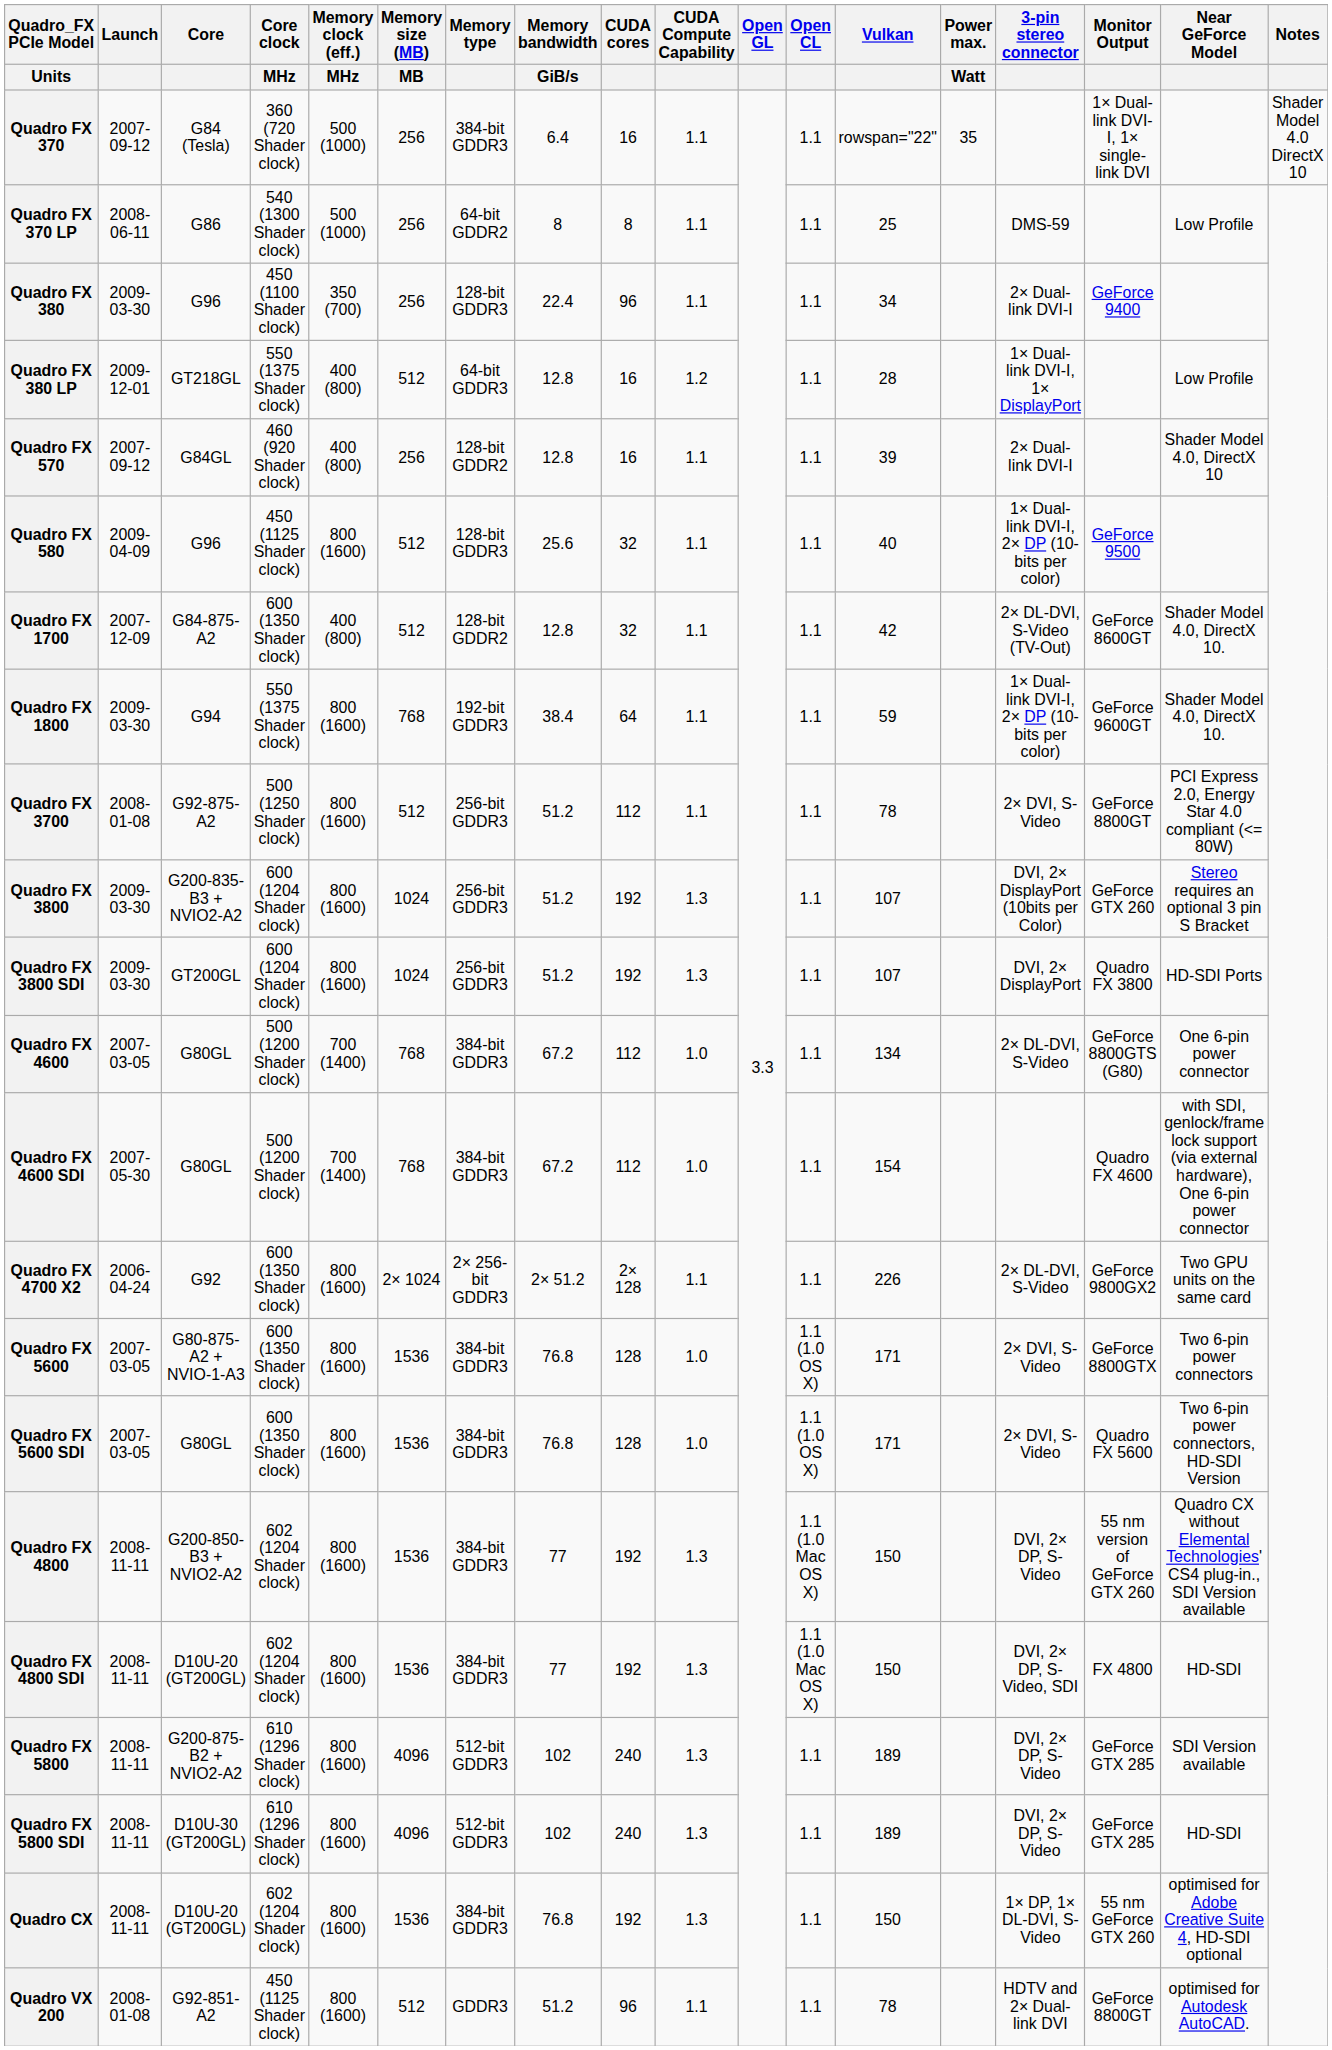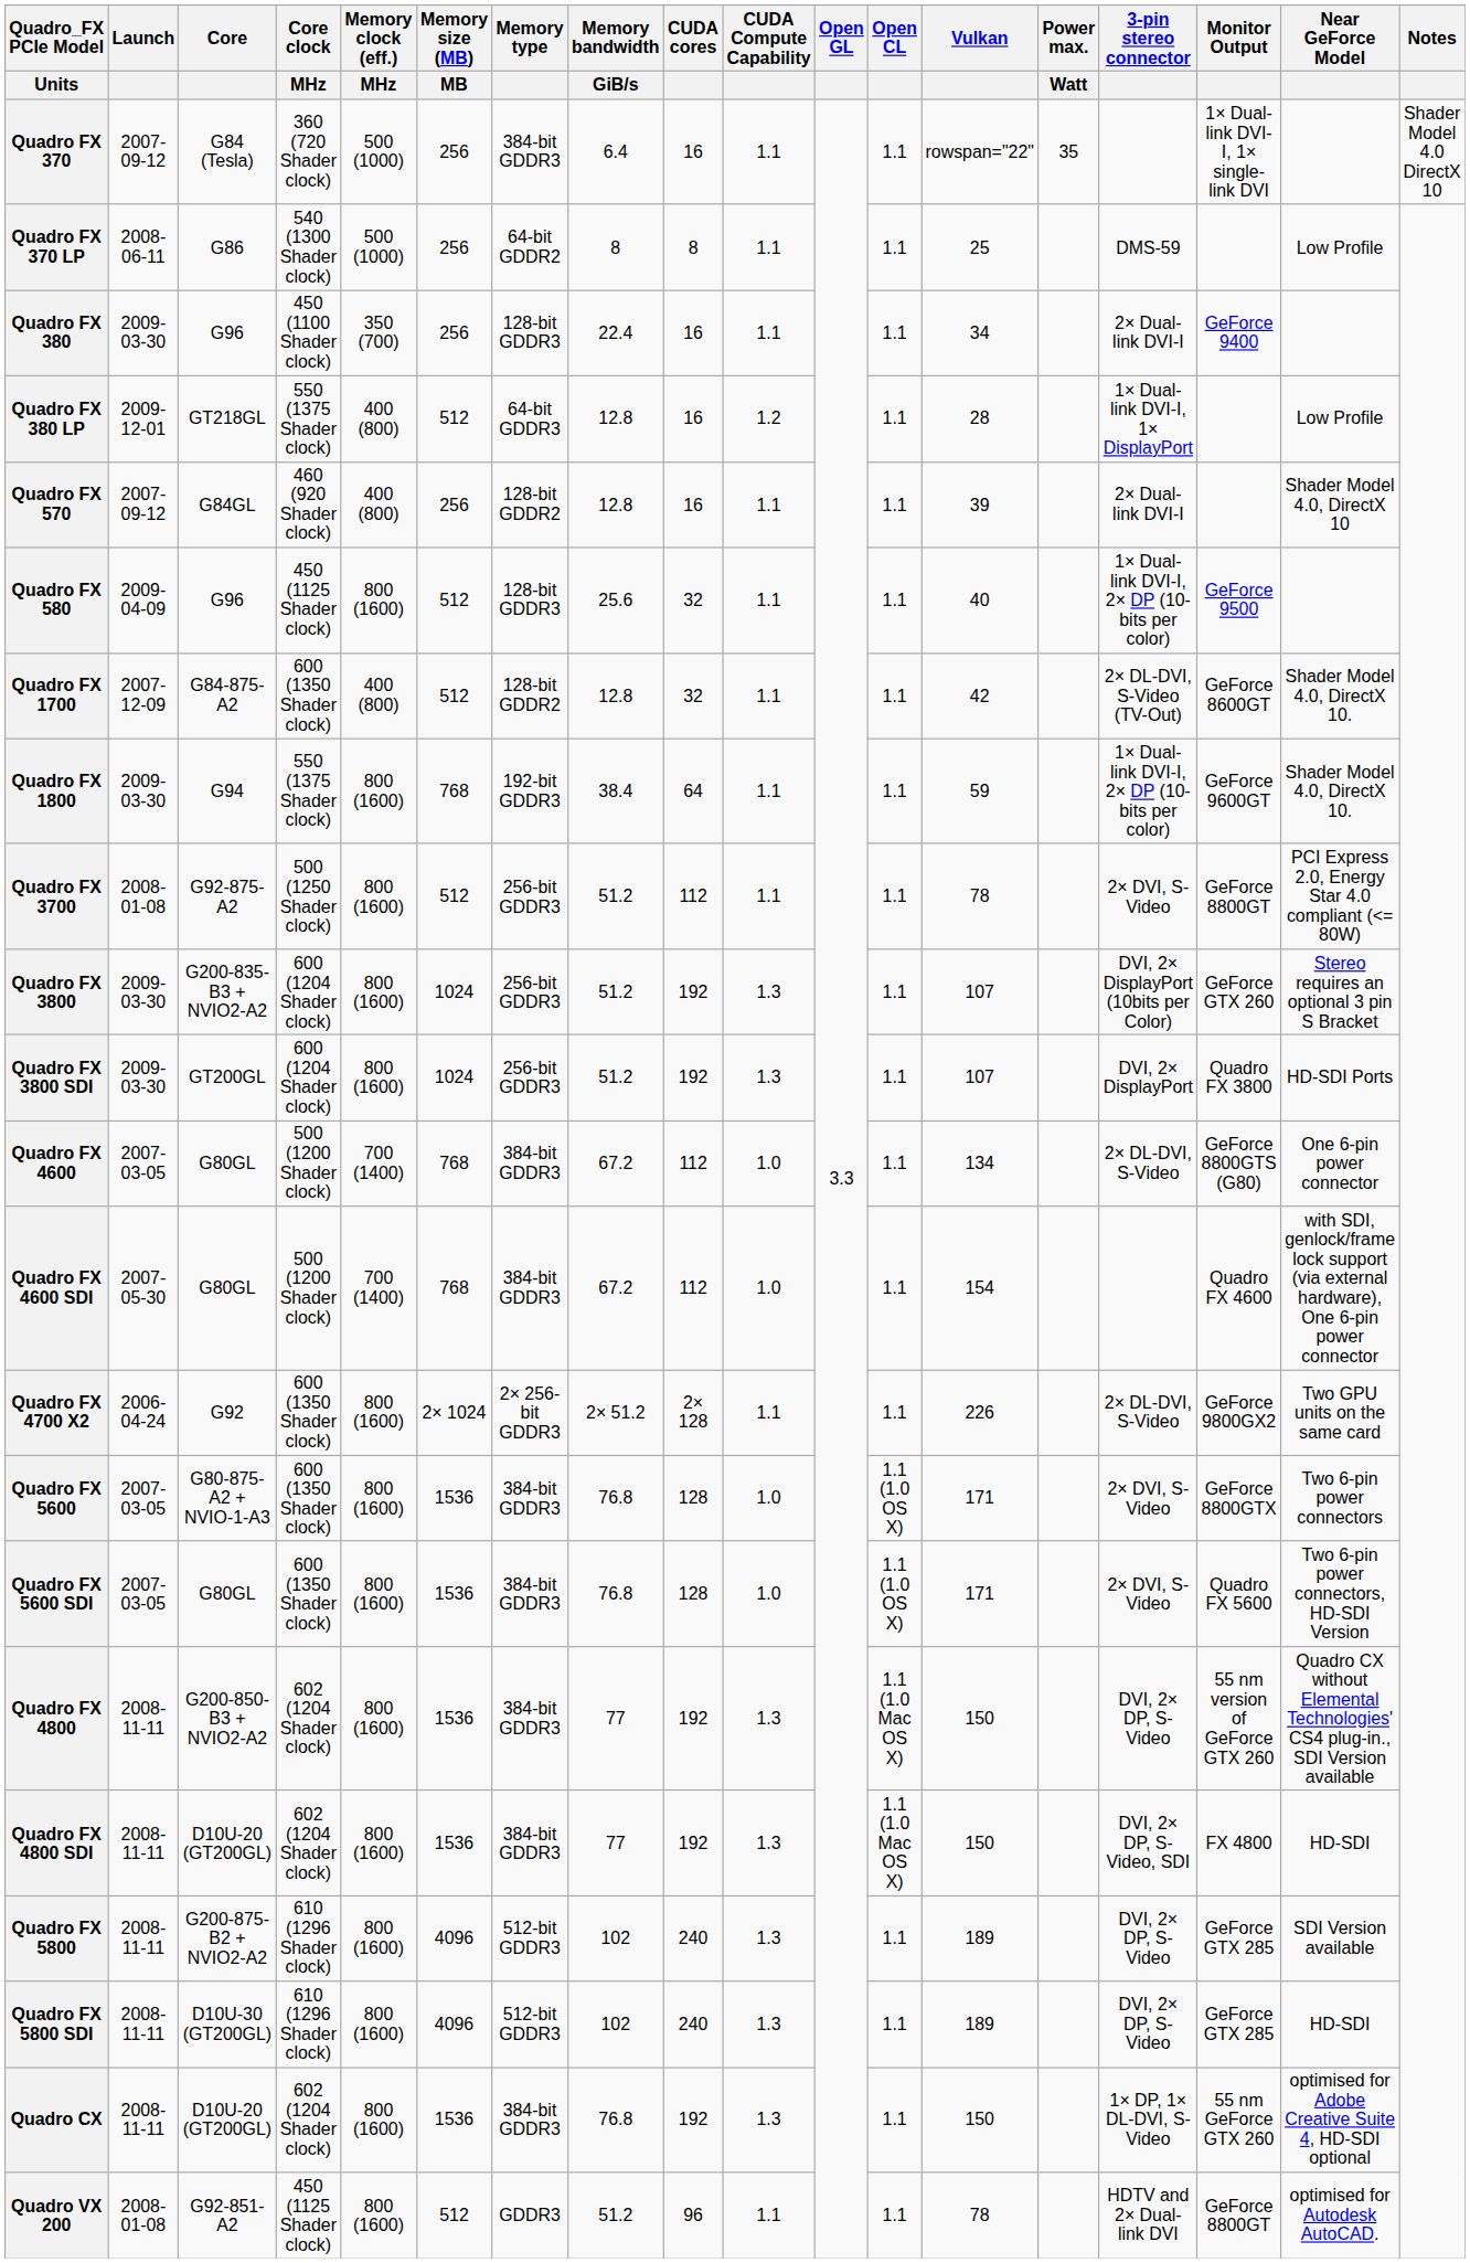 <table class="wikitable sortable" style="font-size:85%; text-align: center;">
 <tr>
 <th>Quadro_FX<br>PCIe Model</th>
 <th>Launch</th>
 <th>Core</th>
 <th>Core<br>clock<br></th>
 <th>Memory clock<br> (eff.)</th>
 <th>Memory size<br>(<a href='#'>MB</a>)</th>
 <th>Memory type</th>
 <th>Memory<br>bandwidth<br></th>
 <th>CUDA<br>cores</th>
 <th>CUDA<br>Compute<br>Capability</th>
 <th><a href='#'>Open GL</a></th>
 <th><a href='#'>Open CL</a></th>
 <th><a href='#'>Vulkan</a></th>
 <th>Power<br>max.<br></th>
 <th><a href='#'>3-pin<br>stereo<br>connector</a></th>
 <th>Monitor Output</th>
 <th>Near GeForce Model</th>
 <th>Notes</th>
 </tr>
 <tr>
 <th>Units</th>
 <th></th>
 <th></th>
 <th>MHz</th>
 <th>MHz</th>
 <th>MB</th>
 <th></th>
 <th>GiB/s</th>
 <th></th>
 <th></th>
 <th></th>
 <th></th>
 <th></th>
 <th>Watt</th>
 <th></th>
 <th></th>
 <th></th>
 <th></th>
 </tr>
 <tr>
 <th>Quadro FX 370</th>
 <td>2007-09-12</td>
 <td>G84 (Tesla)</td>
 <td>360 (720 Shader clock)</td>
 <td>500 (1000)</td>
 <td>256</td>
 <td>384-bit GDDR3</td>
 <td>6.4</td>
 <td>16</td>
 <td>1.1</td>
 <td rowspan="22">3.3</td>
 <td>1.1</td>
 <td>rowspan="22" </td>
 <td>35</td>
 <td></td>
 <td>1× Dual-link DVI-I, 1× single-link DVI</td>
 <td></td>
 <td>Shader Model 4.0 DirectX 10</td>
 </tr>
 <tr>
 <th>Quadro FX 370 LP</th>
 <td>2008-06-11</td>
 <td>G86</td>
 <td>540 (1300 Shader clock)</td>
 <td>500 (1000)</td>
 <td>256</td>
 <td>64-bit GDDR2</td>
 <td>8</td>
 <td>8</td>
 <td>1.1</td>
 <td>1.1</td>
 <td>25</td>
 <td></td>
 <td>DMS-59</td>
 <td></td>
 <td>Low Profile</td>
 </tr>
 <tr>
 <th>Quadro FX 380</th>
 <td>2009-03-30</td>
 <td>G96</td>
 <td>450 (1100 Shader clock)</td>
 <td>350 (700)</td>
 <td>256</td>
 <td>128-bit GDDR3</td>
 <td>22.4</td>
-<td>96</td>
+<td>16</td>
 <td>1.1</td>
 <td>1.1</td>
 <td>34</td>
 <td></td>
 <td>2× Dual-link DVI-I</td>
 <td><a href='#'>GeForce 9400</a></td>
 <td></td>
 </tr>
 <tr>
 <th>Quadro FX 380 LP</th>
 <td>2009-12-01</td>
 <td>GT218GL</td>
 <td>550 (1375 Shader clock)</td>
 <td>400 (800)</td>
 <td>512</td>
 <td>64-bit GDDR3</td>
 <td>12.8</td>
 <td>16</td>
 <td>1.2</td>
 <td>1.1</td>
 <td>28</td>
 <td></td>
 <td>1× Dual-link DVI-I, 1× <a href='#'>DisplayPort</a></td>
 <td></td>
 <td>Low Profile</td>
 </tr>
 <tr>
 <th>Quadro FX 570</th>
 <td>2007-09-12</td>
 <td>G84GL</td>
 <td>460 (920 Shader clock)</td>
 <td>400 (800)</td>
 <td>256</td>
 <td>128-bit GDDR2</td>
 <td>12.8</td>
 <td>16</td>
 <td>1.1</td>
 <td>1.1</td>
 <td>39</td>
 <td></td>
 <td>2× Dual-link DVI-I</td>
 <td></td>
 <td>Shader Model 4.0, DirectX 10</td>
 </tr>
 <tr>
 <th>Quadro FX 580</th>
 <td>2009-04-09</td>
 <td>G96</td>
 <td>450 (1125 Shader clock)</td>
 <td>800 (1600)</td>
 <td>512</td>
 <td>128-bit GDDR3</td>
 <td>25.6</td>
 <td>32</td>
 <td>1.1</td>
 <td>1.1</td>
 <td>40</td>
 <td></td>
 <td>1× Dual-link DVI-I, 2× <a href='#'>DP</a> (10-bits per color)</td>
 <td><a href='#'>GeForce 9500</a></td>
 <td></td>
 </tr>
 <tr>
 <th>Quadro FX 1700</th>
 <td>2007-12-09</td>
 <td>G84-875-A2</td>
 <td>600 (1350 Shader clock)</td>
 <td>400 (800)</td>
 <td>512</td>
 <td>128-bit GDDR2</td>
 <td>12.8</td>
 <td>32</td>
 <td>1.1</td>
 <td>1.1</td>
 <td>42</td>
 <td></td>
 <td>2× DL-DVI, S-Video (TV-Out)</td>
 <td>GeForce 8600GT</td>
 <td>Shader Model 4.0, DirectX 10.</td>
 </tr>
 <tr>
 <th>Quadro FX 1800</th>
 <td>2009-03-30</td>
 <td>G94</td>
 <td>550 (1375 Shader clock)</td>
 <td>800 (1600)</td>
 <td>768</td>
 <td>192-bit GDDR3</td>
 <td>38.4</td>
 <td>64</td>
 <td>1.1</td>
 <td>1.1</td>
 <td>59</td>
 <td></td>
 <td>1× Dual-link DVI-I, 2× <a href='#'>DP</a> (10-bits per color)</td>
 <td>GeForce 9600GT</td>
 <td>Shader Model 4.0, DirectX 10.</td>
 </tr>
 <tr>
 <th>Quadro FX 3700</th>
 <td>2008-01-08</td>
 <td>G92-875-A2</td>
 <td>500 (1250 Shader clock)</td>
 <td>800 (1600)</td>
 <td>512</td>
 <td>256-bit GDDR3</td>
 <td>51.2</td>
 <td>112</td>
 <td>1.1</td>
 <td>1.1</td>
 <td>78</td>
 <td></td>
 <td>2× DVI, S-Video</td>
 <td>GeForce 8800GT</td>
 <td>PCI Express 2.0, Energy Star 4.0 compliant (<= 80W)</td>
 </tr>
 <tr>
 <th>Quadro FX 3800</th>
 <td>2009-03-30</td>
 <td>G200-835-B3 + NVIO2-A2</td>
 <td>600 (1204 Shader clock)</td>
 <td>800 (1600)</td>
 <td>1024</td>
 <td>256-bit GDDR3</td>
 <td>51.2</td>
 <td>192</td>
 <td>1.3</td>
 <td>1.1</td>
 <td>107</td>
 <td></td>
 <td>DVI, 2× DisplayPort (10bits per Color)</td>
 <td>GeForce GTX 260</td>
 <td><a href='#'>Stereo</a> requires an optional 3 pin S Bracket</td>
 </tr>
 <tr>
 <th>Quadro FX 3800 SDI</th>
 <td>2009-03-30</td>
 <td>GT200GL</td>
 <td>600 (1204 Shader clock)</td>
 <td>800 (1600)</td>
 <td>1024</td>
 <td>256-bit GDDR3</td>
 <td>51.2</td>
 <td>192</td>
 <td>1.3</td>
 <td>1.1</td>
 <td>107</td>
 <td></td>
 <td>DVI, 2× DisplayPort</td>
 <td>Quadro FX 3800</td>
 <td>HD-SDI Ports</td>
 </tr>
 <tr>
 <th>Quadro FX 4600</th>
 <td>2007-03-05</td>
 <td>G80GL</td>
 <td>500 (1200 Shader clock)</td>
 <td>700 (1400)</td>
 <td>768</td>
 <td>384-bit GDDR3</td>
 <td>67.2</td>
 <td>112</td>
 <td>1.0</td>
 <td>1.1</td>
 <td>134</td>
 <td></td>
 <td>2× DL-DVI, S-Video</td>
 <td>GeForce 8800GTS (G80)</td>
 <td>One 6-pin power connector</td>
 </tr>
 <tr>
 <th>Quadro FX 4600 SDI</th>
 <td>2007-05-30</td>
 <td>G80GL</td>
 <td>500 (1200 Shader clock)</td>
 <td>700 (1400)</td>
 <td>768</td>
 <td>384-bit GDDR3</td>
 <td>67.2</td>
 <td>112</td>
 <td>1.0</td>
 <td>1.1</td>
 <td>154</td>
 <td></td>
 <td></td>
 <td>Quadro FX 4600</td>
 <td>with SDI, genlock/frame lock support (via external hardware), One 6-pin power connector</td>
 </tr>
 <tr>
 <th>Quadro FX 4700 X2</th>
 <td>2006-04-24</td>
 <td>G92</td>
 <td>600 (1350 Shader clock)</td>
 <td>800 (1600)</td>
 <td>2× 1024</td>
 <td>2× 256-bit GDDR3</td>
 <td>2× 51.2</td>
 <td>2×  128</td>
 <td>1.1</td>
 <td>1.1</td>
 <td>226</td>
 <td></td>
 <td>2× DL-DVI, S-Video</td>
 <td>GeForce 9800GX2</td>
 <td>Two GPU units on the same card</td>
 </tr>
 <tr>
 <th>Quadro FX 5600</th>
 <td>2007-03-05</td>
 <td>G80-875-A2 + NVIO-1-A3</td>
 <td>600 (1350 Shader clock)</td>
 <td>800 (1600)</td>
 <td>1536</td>
 <td>384-bit GDDR3</td>
 <td>76.8</td>
 <td>128</td>
 <td>1.0</td>
 <td>1.1 (1.0 OS X)</td>
 <td>171</td>
 <td></td>
 <td>2× DVI, S-Video</td>
 <td>GeForce 8800GTX</td>
 <td>Two 6-pin power connectors</td>
 </tr>
 <tr>
 <th>Quadro FX 5600 SDI</th>
 <td>2007-03-05</td>
 <td>G80GL</td>
 <td>600 (1350 Shader clock)</td>
 <td>800 (1600)</td>
 <td>1536</td>
 <td>384-bit GDDR3</td>
 <td>76.8</td>
 <td>128</td>
 <td>1.0</td>
 <td>1.1 (1.0 OS X)</td>
 <td>171</td>
 <td></td>
 <td>2× DVI, S-Video</td>
 <td>Quadro FX 5600</td>
 <td>Two 6-pin power connectors, HD-SDI Version</td>
 </tr>
 <tr>
 <th>Quadro FX 4800</th>
 <td>2008-11-11</td>
 <td>G200-850-B3 + NVIO2-A2</td>
 <td>602 (1204 Shader clock)</td>
 <td>800 (1600)</td>
 <td>1536</td>
 <td>384-bit GDDR3</td>
 <td>77</td>
 <td>192</td>
 <td>1.3</td>
 <td>1.1 (1.0 Mac OS X)</td>
 <td>150</td>
 <td></td>
 <td>DVI, 2× DP, S-Video</td>
 <td>55 nm version of GeForce GTX 260</td>
 <td>Quadro CX without <a href='#'>Elemental Technologies</a>' CS4 plug-in., SDI Version available</td>
 </tr>
 <tr>
 <th>Quadro FX 4800 SDI</th>
 <td>2008-11-11</td>
 <td>D10U-20 (GT200GL)</td>
 <td>602 (1204 Shader clock)</td>
 <td>800 (1600)</td>
 <td>1536</td>
 <td>384-bit GDDR3</td>
 <td>77</td>
 <td>192</td>
 <td>1.3</td>
 <td>1.1 (1.0 Mac OS X)</td>
 <td>150</td>
 <td></td>
 <td>DVI, 2× DP, S-Video, SDI</td>
 <td>FX 4800</td>
 <td>HD-SDI</td>
 </tr>
 <tr>
 <th>Quadro FX 5800</th>
 <td>2008-11-11</td>
 <td>G200-875-B2 + NVIO2-A2</td>
 <td>610 (1296 Shader clock)</td>
 <td>800 (1600)</td>
 <td>4096</td>
 <td>512-bit GDDR3</td>
 <td>102</td>
 <td>240</td>
 <td>1.3</td>
 <td>1.1</td>
 <td>189</td>
 <td></td>
 <td>DVI, 2× DP, S-Video</td>
 <td>GeForce GTX 285</td>
 <td>SDI Version available</td>
 </tr>
 <tr>
 <th>Quadro FX 5800 SDI</th>
 <td>2008-11-11</td>
 <td>D10U-30 (GT200GL)</td>
 <td>610 (1296 Shader clock)</td>
 <td>800 (1600)</td>
 <td>4096</td>
 <td>512-bit GDDR3</td>
 <td>102</td>
 <td>240</td>
 <td>1.3</td>
 <td>1.1</td>
 <td>189</td>
 <td></td>
 <td>DVI, 2× DP, S-Video</td>
 <td>GeForce GTX 285</td>
 <td>HD-SDI</td>
 </tr>
 <tr>
 <th>Quadro CX</th>
 <td>2008-11-11</td>
 <td>D10U-20 (GT200GL)</td>
 <td>602 (1204 Shader clock)</td>
 <td>800 (1600)</td>
 <td>1536</td>
 <td>384-bit GDDR3</td>
 <td>76.8</td>
 <td>192</td>
 <td>1.3</td>
 <td>1.1</td>
 <td>150</td>
 <td></td>
 <td>1× DP, 1× DL-DVI, S-Video</td>
 <td>55 nm GeForce GTX 260</td>
 <td>optimised for <a href='#'>Adobe Creative Suite 4</a>, HD-SDI optional</td>
 </tr>
 <tr>
 <th>Quadro VX 200</th>
 <td>2008-01-08</td>
 <td>G92-851-A2</td>
 <td>450 (1125 Shader clock)</td>
 <td>800 (1600)</td>
 <td>512</td>
 <td>GDDR3</td>
 <td>51.2</td>
 <td>96</td>
 <td>1.1</td>
 <td>1.1</td>
 <td>78</td>
 <td></td>
 <td>HDTV and 2× Dual-link DVI</td>
 <td>GeForce 8800GT</td>
 <td>optimised for <a href='#'>Autodesk AutoCAD</a>.</td>
 </tr>
 </table>
